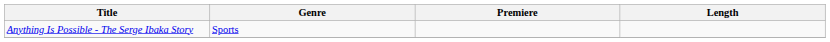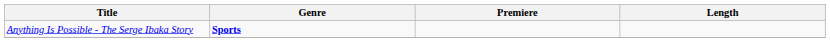 <table class="wikitable sortable" style="width:100%;">
 <tr>
 <th style="width:25%;">Title</th>
 <th style="width:25%;">Genre</th>
 <th style="width:25%;">Premiere</th>
 <th style="width:25%;">Length</th>
 </tr>
 <tr>
 <td><em><a href='#'>Anything Is Possible - The Serge Ibaka Story</a></em></td>
-<td><a href='#'>Sports</a></td>
+<td><strong><a href='#'>Sports</a></strong></td>
 <td></td>
 <td><br></td>
 </tr>
 <tr>
 </tr>
 </table>
